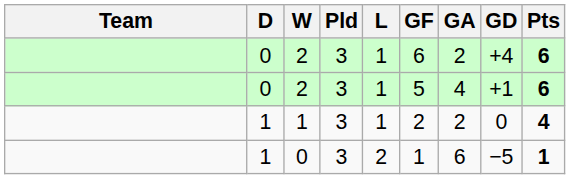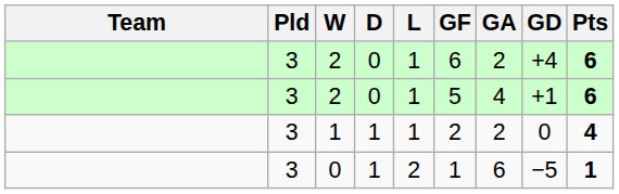 <table class="wikitable" style="text-align:center;">
 <tr>
 <th width=175>Team</th>
+<th width=20 abbr="Played">Pld</th>
+<th width=20 abbr="Won">W</th>
 <th width=20 abbr="Drawn">D</th>
-<th width=20 abbr="Won">W</th>
-<th width=20 abbr="Played">Pld</th>
 <th width=20 abbr="Lost">L</th>
 <th width=20 abbr="Goals for">GF</th>
 <th width=20 abbr="Goals against">GA</th>
 <th width=20 abbr="Goal difference">GD</th>
 <th width=20 abbr="Points">Pts</th>
 </tr>
 <tr bgcolor="#ccffcc">
 <td align="left"></td>
+<td>3</td>
+<td>2</td>
 <td>0</td>
-<td>2</td>
-<td>3</td>
 <td>1</td>
 <td>6</td>
 <td>2</td>
 <td>+4</td>
 <td><strong>6</strong></td>
 </tr>
 <tr bgcolor="#ccffcc">
 <td align="left"></td>
+<td>3</td>
+<td>2</td>
 <td>0</td>
-<td>2</td>
-<td>3</td>
 <td>1</td>
 <td>5</td>
 <td>4</td>
 <td>+1</td>
 <td><strong>6</strong></td>
 </tr>
 <tr bgcolor=>
 <td align="left"></td>
+<td>3</td>
 <td>1</td>
 <td>1</td>
-<td>3</td>
 <td>1</td>
 <td>2</td>
 <td>2</td>
 <td>0</td>
 <td><strong>4</strong></td>
 </tr>
 <tr bgcolor=>
 <td align="left"></td>
+<td>3</td>
+<td>0</td>
 <td>1</td>
-<td>0</td>
-<td>3</td>
 <td>2</td>
 <td>1</td>
 <td>6</td>
 <td>−5</td>
 <td><strong>1</strong></td>
 </tr>
 </table>
